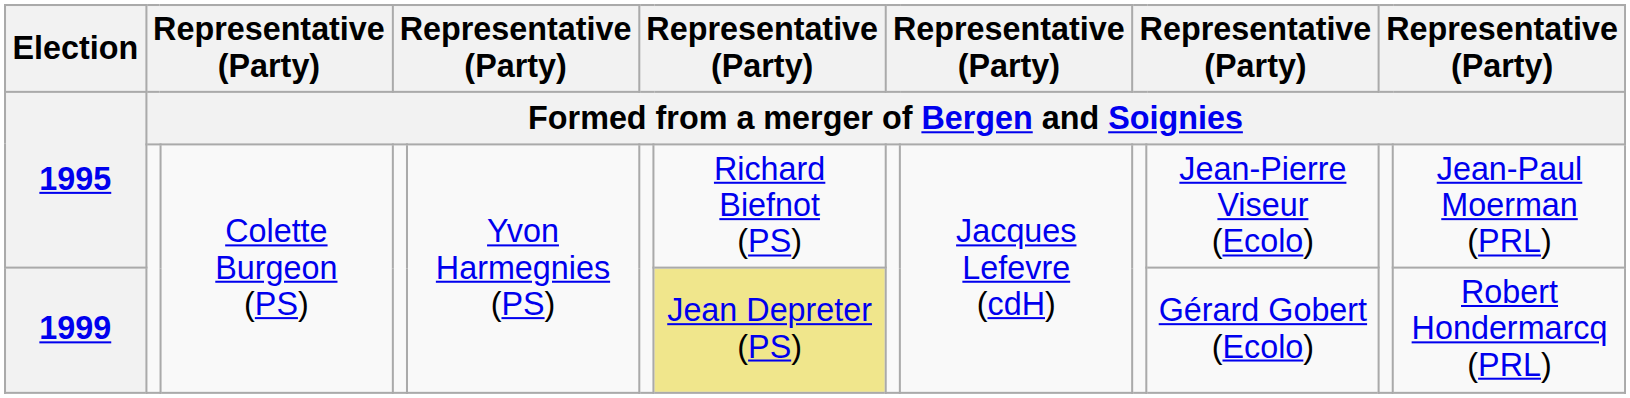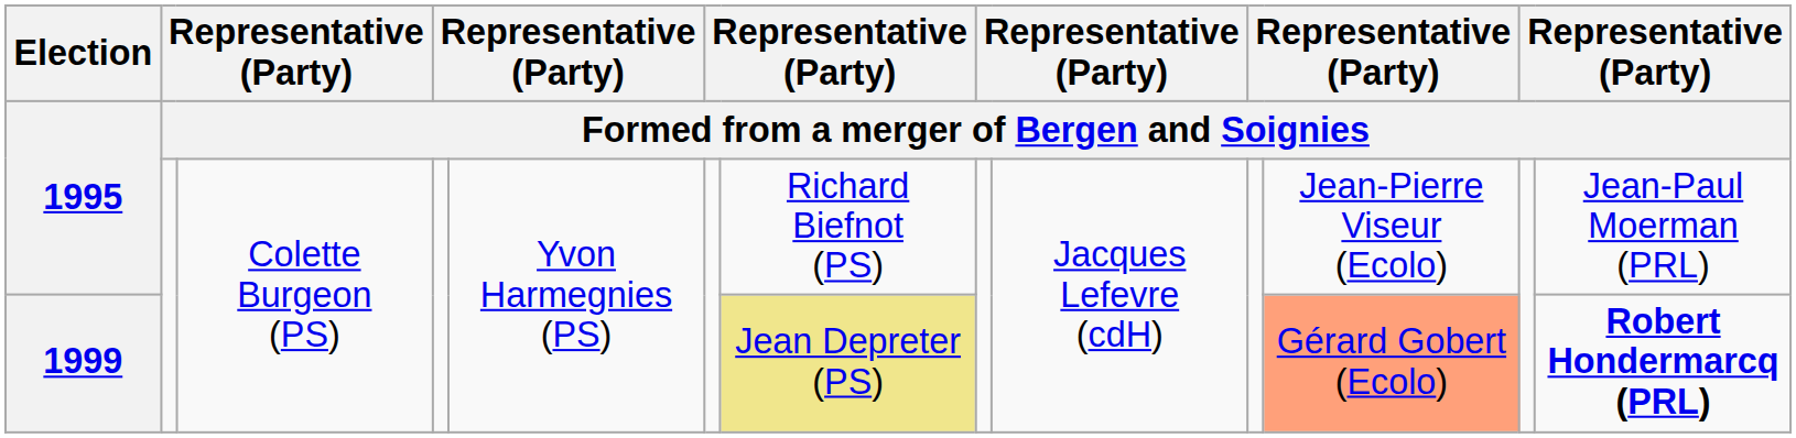 <table class="wikitable" style="text-align:center">
 <tr>
 <th>Election</th>
 <th colspan=2>Representative<br>(Party)</th>
 <th colspan=2>Representative<br>(Party)</th>
 <th colspan=2>Representative<br>(Party)</th>
 <th colspan=2>Representative<br>(Party)</th>
 <th colspan=2>Representative<br>(Party)</th>
 <th colspan=2>Representative<br>(Party)</th>
 </tr>
 <tr>
 <th rowspan=2><a href='#'>1995</a></th>
 <th colspan=12>Formed from a merger of <a href='#'>Bergen</a> and <a href='#'>Soignies</a></th>
 </tr>
 <tr>
 <td rowspan=2; style="background-color: "></td>
 <td rowspan=2><a href='#'>Colette Burgeon</a><br>(<a href='#'>PS</a>)</td>
 <td rowspan=2; style="background-color: "></td>
 <td rowspan=2><a href='#'>Yvon Harmegnies</a><br>(<a href='#'>PS</a>)</td>
 <td rowspan=2; style="background-color: "></td>
 <td rowspan=1><a href='#'>Richard Biefnot</a><br>(<a href='#'>PS</a>)</td>
 <td rowspan=2; style="background-color: "></td>
 <td rowspan=2><a href='#'>Jacques Lefevre</a><br>(<a href='#'>cdH</a>)</td>
 <td rowspan=2; style="background-color: "></td>
 <td rowspan=1><a href='#'>Jean-Pierre Viseur</a><br>(<a href='#'>Ecolo</a>)</td>
 <td rowspan=2; style="background-color: "></td>
 <td rowspan=1><a href='#'>Jean-Paul Moerman</a><br>(<a href='#'>PRL</a>)</td>
 </tr>
 <tr>
 <th><a href='#'>1999</a></th>
 <td rowspan=1 style="background: khaki;"><a href='#'>Jean Depreter</a><br>(<a href='#'>PS</a>)</td>
-<td rowspan=1><a href='#'>Gérard Gobert</a><br>(<a href='#'>Ecolo</a>)</td>
-<td rowspan=1><a href='#'>Robert Hondermarcq</a><br>(<a href='#'>PRL</a>)</td>
+<td rowspan=1 style="background: lightsalmon;"><a href='#'>Gérard Gobert</a><br>(<a href='#'>Ecolo</a>)</td>
+<td rowspan=1><strong><a href='#'>Robert Hondermarcq</a><br>(<a href='#'>PRL</a>)</strong></td>
 </tr>
 </table>
